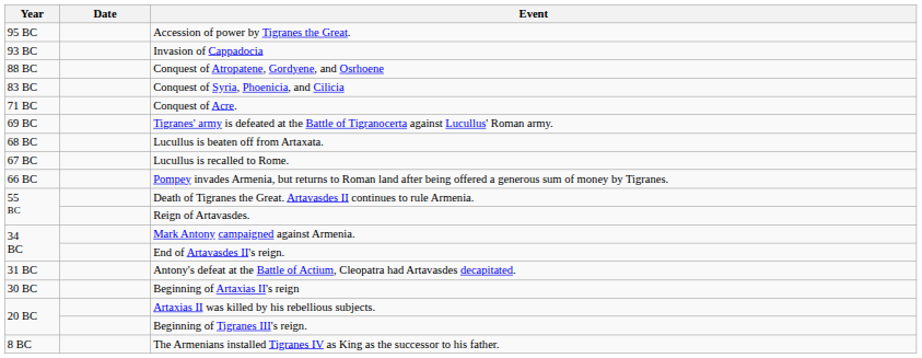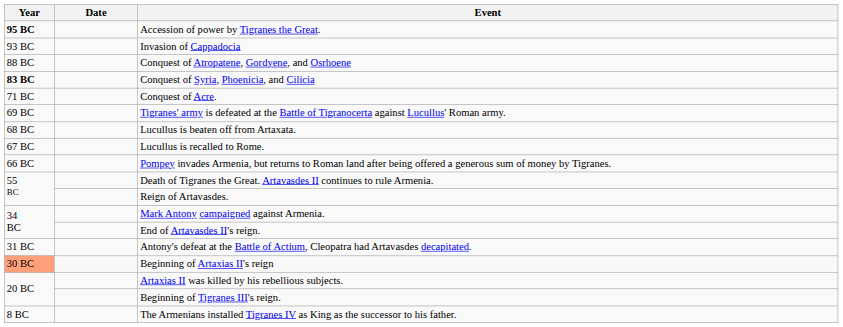 <table class="wikitable" width="100%">
 <tr>
 <th style="width:6%">Year</th>
 <th style="width:10%">Date</th>
 <th>Event</th>
 </tr>
 <tr>
-<td>95 BC</td>
+<td><strong>95 BC</strong></td>
 <td></td>
 <td>Accession of power by <a href='#'>Tigranes the Great</a>.</td>
 </tr>
 <tr>
 <td>93 BC</td>
 <td></td>
 <td>Invasion of <a href='#'>Cappadocia</a></td>
 </tr>
 <tr>
 <td>88 BC</td>
 <td></td>
 <td>Conquest of <a href='#'>Atropatene</a>, <a href='#'>Gordyene</a>, and <a href='#'>Osrhoene</a></td>
 </tr>
 <tr>
-<td>83 BC</td>
+<td><strong>83 BC</strong></td>
 <td></td>
 <td>Conquest of <a href='#'>Syria</a>, <a href='#'>Phoenicia</a>, and <a href='#'>Cilicia</a></td>
 </tr>
 <tr>
 <td>71 BC</td>
 <td></td>
 <td>Conquest  of <a href='#'>Acre</a>.</td>
 </tr>
 <tr>
 <td>69 BC</td>
 <td></td>
 <td><a href='#'>Tigranes' army</a> is defeated at the <a href='#'>Battle of Tigranocerta</a> against <a href='#'>Lucullus</a>' Roman army.</td>
 </tr>
 <tr>
 <td>68 BC</td>
 <td></td>
 <td>Lucullus is beaten off from Artaxata.</td>
 </tr>
 <tr>
 <td>67 BC</td>
 <td></td>
 <td>Lucullus is recalled to Rome.</td>
 </tr>
 <tr>
 <td>66 BC</td>
 <td></td>
 <td><a href='#'>Pompey</a> invades Armenia, but returns to Roman land after being offered a generous sum of money by Tigranes.</td>
 </tr>
 <tr>
 <td rowspan="2" valign="top">55<br><small>BC</small></td>
 <td></td>
 <td>Death of Tigranes the Great. <a href='#'>Artavasdes II</a> continues to rule Armenia.</td>
 </tr>
 <tr>
 <td></td>
 <td>Reign of Artavasdes.</td>
 </tr>
 <tr>
 <td rowspan="2">34<br>BC</td>
 <td></td>
 <td><a href='#'>Mark Antony</a> <a href='#'>campaigned</a> against Armenia.</td>
 </tr>
 <tr>
 <td></td>
 <td>End of  <a href='#'>Artavasdes II</a>'s reign.</td>
 </tr>
 <tr>
 <td>31 BC</td>
 <td></td>
 <td>Antony's defeat at the <a href='#'>Battle of Actium</a>, Cleopatra had Artavasdes <a href='#'>decapitated</a>.</td>
 </tr>
 <tr>
-<td>30 BC</td>
+<td style="background: lightsalmon;">30 BC</td>
 <td></td>
 <td>Beginning of <a href='#'>Artaxias II</a>'s reign</td>
 </tr>
 <tr>
 <td rowspan="2">20 BC</td>
 <td></td>
 <td><a href='#'>Artaxias II</a> was killed by his rebellious subjects.</td>
 </tr>
 <tr>
 <td></td>
 <td>Beginning of <a href='#'>Tigranes III</a>'s reign.</td>
 </tr>
 <tr>
 <td>8 BC</td>
 <td></td>
 <td>The Armenians installed <a href='#'>Tigranes IV</a> as King as the successor to his father.</td>
 </tr>
 </table>
